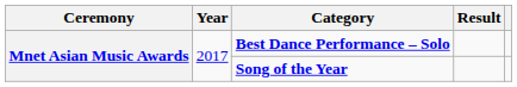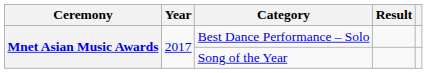 <table class="wikitable sortable plainrowheaders">
 <tr>
 <th scope="col">Ceremony</th>
 <th scope="col">Year</th>
 <th scope="col">Category</th>
 <th scope="col">Result</th>
 <th scope="col" class="unsortable"></th>
 </tr>
 <tr>
 <th scope="row" rowspan="2"><a href='#'>Mnet Asian Music Awards</a></th>
 <td style="text-align:center" rowspan="2"><a href='#'>2017</a></td>
-<td><strong><a href='#'>Best Dance Performance – Solo</a></strong></td>
+<td><a href='#'>Best Dance Performance – Solo</a></td>
 <td></td>
 <td style="text-align:center"></td>
 </tr>
 <tr>
-<td><strong><a href='#'>Song of the Year</a></strong></td>
+<td><a href='#'>Song of the Year</a></td>
 <td></td>
 <td style="text-align:center"></td>
 </tr>
 </table>
